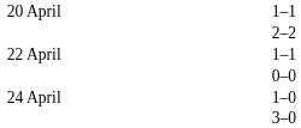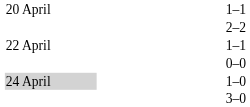 <table cellspacing=1 width=70%>
 <tr>
 <th width=25%></th>
 <th width=30%></th>
 <th width=15%></th>
 <th width=30%></th>
 </tr>
 <tr>
 <td>20 April</td>
 <td align=right></td>
 <td align=center>1–1</td>
 <td></td>
 </tr>
 <tr>
 <td></td>
 <td align=right></td>
 <td align=center>2–2</td>
 <td></td>
 </tr>
 <tr>
 <td>22 April</td>
 <td align=right></td>
 <td align=center>1–1</td>
 <td></td>
 </tr>
 <tr>
 <td></td>
 <td align=right></td>
 <td align=center>0–0</td>
 <td></td>
 </tr>
 <tr>
-<td>24 April</td>
+<td style="background: lightgrey;">24 April</td>
 <td align=right></td>
 <td align=center>1–0</td>
 <td></td>
 </tr>
 <tr>
 <td></td>
 <td align=right></td>
 <td align=center>3–0</td>
 <td></td>
 </tr>
 </table>
